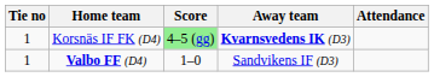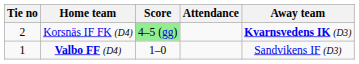 <table class="wikitable" style="text-align:center">
 <tr>
 <th style= style="width:40px;">Tie no</th>
 <th style= style="width:150px;">Home team</th>
 <th style= style="width:60px;">Score</th>
+<th style= style="width:30px;">Attendance</th>
 <th style= style="width:150px;">Away team</th>
-<th style= style="width:30px;">Attendance</th>
 </tr>
 <tr>
-<td>1</td>
+<td>2</td>
 <td><a href='#'>Korsnäs IF FK</a> <em><small>(D4)</small></em></td>
 <td style="background: lightgreen;">4–5 (<a href='#'>gg</a>)</td>
+<td></td>
 <td><strong><a href='#'>Kvarnsvedens IK</a></strong> <em><small>(D3)</small></em></td>
-<td></td>
 </tr>
 <tr>
 <td>1</td>
 <td><strong><a href='#'>Valbo FF</a></strong> <em><small>(D4)</small></em></td>
 <td>1–0</td>
+<td></td>
 <td><a href='#'>Sandvikens IF</a> <em><small>(D3)</small></em></td>
-<td></td>
 </tr>
 </table>
